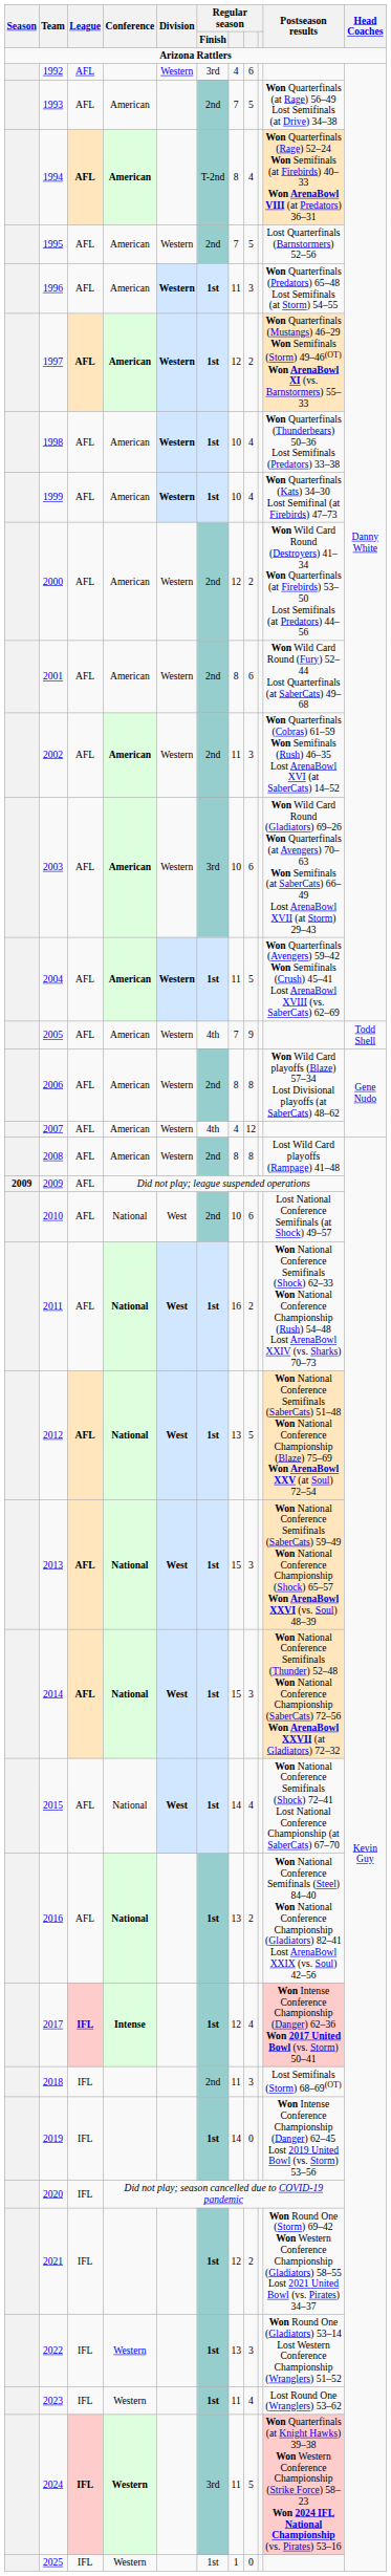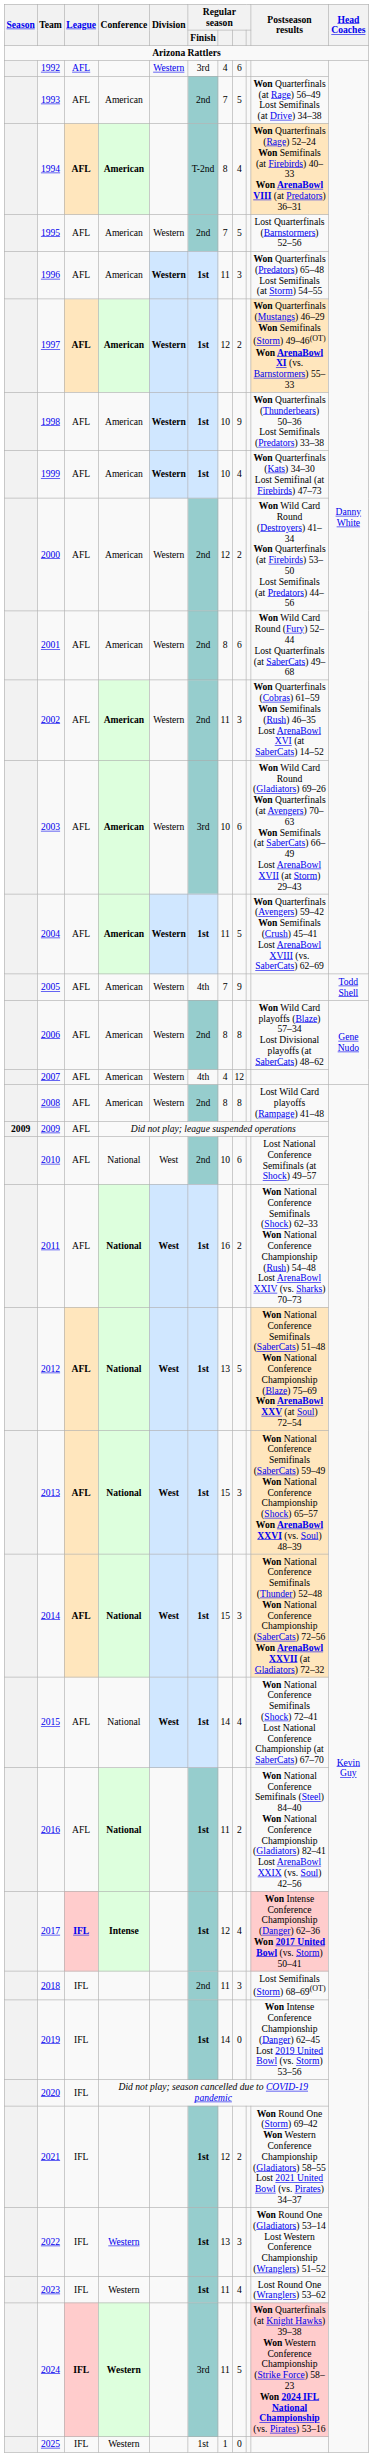 <table class="wikitable sortable" style="text-align: center">
 <tr>
 <th rowspan="2"><a href='#'>Season</a></th>
 <th rowspan="2">Team</th>
 <th rowspan="2"><a href='#'>League</a></th>
 <th rowspan="2">Conference</th>
 <th rowspan="2">Division</th>
 <th colspan="4">Regular season</th>
 <th rowspan="2">Postseason results</th>
 <th rowspan="2"><a href='#'>Head Coaches</a></th>
 </tr>
 <tr>
 <th>Finish</th>
 <th></th>
 <th></th>
 <th></th>
 </tr>
 <tr>
 <td colspan="16"><strong>Arizona Rattlers</strong></td>
 </tr>
 <tr>
 <th></th>
 <td><a href='#'>1992</a></td>
 <td><a href='#'>AFL</a></td>
 <td></td>
 <td><a href='#'>Western</a></td>
 <td>3rd</td>
 <td>4</td>
 <td>6</td>
 <td></td>
 <td></td>
 <td rowspan="13"><a href='#'>Danny White</a></td>
 </tr>
 <tr>
 <th></th>
 <td><a href='#'>1993</a></td>
 <td>AFL</td>
 <td>American</td>
 <td></td>
 <td bgcolor="#96CDCD">2nd</td>
 <td>7</td>
 <td>5</td>
 <td></td>
 <td><strong>Won</strong> Quarterfinals (at <a href='#'>Rage</a>) 56–49<br>Lost Semifinals (at <a href='#'>Drive</a>) 34–38</td>
 </tr>
 <tr>
 <th></th>
 <td><a href='#'>1994</a></td>
 <td bgcolor="#FFE6BD"><strong>AFL</strong></td>
 <td bgcolor="#DDFFDD"><strong>American</strong></td>
 <td></td>
 <td bgcolor="#96CDCD">T-2nd</td>
 <td>8</td>
 <td>4</td>
 <td></td>
 <td bgcolor="#FFE6BD"><strong>Won</strong> Quarterfinals (<a href='#'>Rage</a>) 52–24<br><strong>Won</strong> Semifinals (at <a href='#'>Firebirds</a>) 40–33<br><strong>Won <a href='#'>ArenaBowl VIII</a> </strong> (at <a href='#'>Predators</a>) 36–31</td>
 </tr>
 <tr>
 <th></th>
 <td><a href='#'>1995</a></td>
 <td>AFL</td>
 <td>American</td>
 <td>Western</td>
 <td bgcolor="#96CDCD">2nd</td>
 <td>7</td>
 <td>5</td>
 <td></td>
 <td>Lost Quarterfinals (<a href='#'>Barnstormers</a>) 52–56</td>
 </tr>
 <tr>
 <th></th>
 <td><a href='#'>1996</a></td>
 <td>AFL</td>
 <td>American</td>
 <td bgcolor="#D0E7FF"><strong>Western</strong></td>
 <td bgcolor="#D0E7FF"><strong>1st</strong></td>
 <td>11</td>
 <td>3</td>
 <td></td>
 <td><strong>Won</strong> Quarterfinals (<a href='#'>Predators</a>) 65–48 <br> Lost Semifinals (at <a href='#'>Storm</a>) 54–55</td>
 </tr>
 <tr>
 <th></th>
 <td><a href='#'>1997</a></td>
 <td bgcolor="#FFE6BD"><strong>AFL</strong></td>
 <td bgcolor="#DDFFDD"><strong>American</strong></td>
 <td bgcolor="#D0E7FF"><strong>Western</strong></td>
 <td bgcolor="#D0E7FF"><strong>1st</strong></td>
 <td>12</td>
 <td>2</td>
 <td></td>
 <td bgcolor="#FFE6BD"><strong>Won</strong> Quarterfinals (<a href='#'>Mustangs</a>) 46–29 <br> <strong>Won</strong> Semifinals (<a href='#'>Storm</a>) 49–46<sup>(OT)</sup> <br> <strong>Won <a href='#'>ArenaBowl XI</a> </strong> (vs. <a href='#'>Barnstormers</a>) 55–33</td>
 </tr>
 <tr>
 <th></th>
 <td><a href='#'>1998</a></td>
 <td>AFL</td>
 <td>American</td>
 <td bgcolor="#D0E7FF"><strong>Western</strong></td>
 <td bgcolor="#D0E7FF"><strong>1st</strong></td>
 <td>10</td>
-<td>4</td>
+<td>9</td>
 <td></td>
 <td><strong>Won</strong> Quarterfinals (<a href='#'>Thunderbears</a>) 50–36 <br> Lost Semifinals (<a href='#'>Predators</a>) 33–38</td>
 </tr>
 <tr>
 <th></th>
 <td><a href='#'>1999</a></td>
 <td>AFL</td>
 <td>American</td>
 <td bgcolor="#D0E7FF"><strong>Western</strong></td>
 <td bgcolor="#D0E7FF"><strong>1st</strong></td>
 <td>10</td>
 <td>4</td>
 <td></td>
 <td><strong>Won</strong> Quarterfinals (<a href='#'>Kats</a>) 34–30 <br> Lost Semifinal (at <a href='#'>Firebirds</a>) 47–73</td>
 </tr>
 <tr>
 <th></th>
 <td><a href='#'>2000</a></td>
 <td>AFL</td>
 <td>American</td>
 <td>Western</td>
 <td bgcolor="#96CDCD">2nd</td>
 <td>12</td>
 <td>2</td>
 <td></td>
 <td><strong>Won</strong> Wild Card Round (<a href='#'>Destroyers</a>) 41–34 <br> <strong>Won</strong> Quarterfinals (at <a href='#'>Firebirds</a>) 53–50 <br> Lost Semifinals (at <a href='#'>Predators</a>) 44–56</td>
 </tr>
 <tr>
 <th></th>
 <td><a href='#'>2001</a></td>
 <td>AFL</td>
 <td>American</td>
 <td>Western</td>
 <td bgcolor="#96CDCD">2nd</td>
 <td>8</td>
 <td>6</td>
 <td></td>
 <td><strong>Won</strong> Wild Card Round (<a href='#'>Fury</a>) 52–44 <br> Lost Quarterfinals (at <a href='#'>SaberCats</a>) 49–68</td>
 </tr>
 <tr>
 <th></th>
 <td><a href='#'>2002</a></td>
 <td>AFL</td>
 <td bgcolor="#DDFFDD"><strong>American</strong></td>
 <td>Western</td>
 <td bgcolor="#96CDCD">2nd</td>
 <td>11</td>
 <td>3</td>
 <td></td>
 <td><strong>Won</strong> Quarterfinals (<a href='#'>Cobras</a>) 61–59 <br> <strong>Won</strong> Semifinals (<a href='#'>Rush</a>) 46–35 <br> Lost <a href='#'>ArenaBowl XVI</a> (at <a href='#'>SaberCats</a>) 14–52</td>
 </tr>
 <tr>
 <th></th>
 <td><a href='#'>2003</a></td>
 <td>AFL</td>
 <td bgcolor="#DDFFDD"><strong>American</strong></td>
 <td>Western</td>
 <td bgcolor="#96CDCD">3rd</td>
 <td>10</td>
 <td>6</td>
 <td></td>
 <td><strong>Won</strong> Wild Card Round (<a href='#'>Gladiators</a>) 69–26 <br> <strong>Won</strong> Quarterfinals (at <a href='#'>Avengers</a>) 70–63 <br> <strong>Won</strong> Semifinals (at <a href='#'>SaberCats</a>) 66–49 <br> Lost <a href='#'>ArenaBowl XVII</a> (at <a href='#'>Storm</a>) 29–43</td>
 </tr>
 <tr>
 <th></th>
 <td><a href='#'>2004</a></td>
 <td>AFL</td>
 <td bgcolor="#DDFFDD"><strong>American</strong></td>
 <td bgcolor="#D0E7FF"><strong>Western</strong></td>
 <td bgcolor="#D0E7FF"><strong>1st</strong></td>
 <td>11</td>
 <td>5</td>
 <td></td>
 <td><strong>Won</strong> Quarterfinals (<a href='#'>Avengers</a>) 59–42 <br> <strong>Won</strong> Semifinals (<a href='#'>Crush</a>) 45–41 <br> Lost <a href='#'>ArenaBowl XVIII</a> (vs. <a href='#'>SaberCats</a>) 62–69</td>
 </tr>
 <tr>
 <th></th>
 <td><a href='#'>2005</a></td>
 <td>AFL</td>
 <td>American</td>
 <td>Western</td>
 <td>4th</td>
 <td>7</td>
 <td>9</td>
 <td></td>
 <td></td>
 <td><a href='#'>Todd Shell</a></td>
 </tr>
 <tr>
 <th></th>
 <td><a href='#'>2006</a></td>
 <td>AFL</td>
 <td>American</td>
 <td>Western</td>
 <td bgcolor="#96CDCD">2nd</td>
 <td>8</td>
 <td>8</td>
 <td></td>
 <td><strong>Won</strong> Wild Card playoffs (<a href='#'>Blaze</a>) 57–34 <br> Lost Divisional playoffs (at <a href='#'>SaberCats</a>) 48–62</td>
 <td rowspan="2"><a href='#'>Gene Nudo</a></td>
 </tr>
 <tr>
 <th></th>
 <td><a href='#'>2007</a></td>
 <td>AFL</td>
 <td>American</td>
 <td>Western</td>
 <td>4th</td>
 <td>4</td>
 <td>12</td>
 <td></td>
 <td></td>
 </tr>
 <tr>
 <th></th>
 <td><a href='#'>2008</a></td>
 <td>AFL</td>
 <td>American</td>
 <td>Western</td>
 <td bgcolor="#96CDCD">2nd</td>
 <td>8</td>
 <td>8</td>
 <td></td>
 <td>Lost Wild Card playoffs (<a href='#'>Rampage</a>) 41–48</td>
 <td rowspan="18"><a href='#'>Kevin Guy</a></td>
 </tr>
 <tr>
 <th>2009</th>
 <td><a href='#'>2009</a></td>
 <td>AFL</td>
 <td colspan="7"><em>Did not play; league suspended operations</em></td>
 </tr>
 <tr>
 <th></th>
 <td><a href='#'>2010</a></td>
 <td>AFL</td>
 <td>National</td>
 <td>West</td>
 <td bgcolor="#96CDCD">2nd</td>
 <td>10</td>
 <td>6</td>
 <td></td>
 <td>Lost National Conference Semifinals (at <a href='#'>Shock</a>) 49–57</td>
 </tr>
 <tr>
 <th></th>
 <td><a href='#'>2011</a></td>
 <td>AFL</td>
 <td bgcolor="#DDFFDD"><strong>National</strong></td>
 <td bgcolor="#D0E7FF"><strong>West</strong></td>
 <td bgcolor="#D0E7FF"><strong>1st</strong></td>
 <td>16</td>
 <td>2</td>
 <td></td>
 <td><strong>Won</strong> National Conference Semifinals (<a href='#'>Shock</a>) 62–33 <br> <strong>Won</strong> National Conference Championship (<a href='#'>Rush</a>) 54–48 <br> Lost <a href='#'>ArenaBowl XXIV</a> (vs. <a href='#'>Sharks</a>) 70–73</td>
 </tr>
 <tr>
 <th></th>
 <td><a href='#'>2012</a></td>
 <td bgcolor="#FFE6BD"><strong>AFL</strong></td>
 <td bgcolor="#DDFFDD"><strong>National</strong></td>
 <td bgcolor="#D0E7FF"><strong>West</strong></td>
 <td bgcolor="#D0E7FF"><strong>1st</strong></td>
 <td>13</td>
 <td>5</td>
 <td></td>
 <td bgcolor="#FFE6BD"><strong>Won</strong> National Conference Semifinals (<a href='#'>SaberCats</a>) 51–48 <br> <strong>Won</strong> National Conference Championship (<a href='#'>Blaze</a>) 75–69 <br> <strong>Won <a href='#'>ArenaBowl XXV</a> </strong> (at <a href='#'>Soul</a>) 72–54</td>
 </tr>
 <tr>
 <th></th>
 <td><a href='#'>2013</a></td>
 <td bgcolor="#FFE6BD"><strong>AFL</strong></td>
 <td bgcolor="#DDFFDD"><strong>National</strong></td>
 <td bgcolor="#D0E7FF"><strong>West</strong></td>
 <td bgcolor="#D0E7FF"><strong>1st</strong></td>
 <td>15</td>
 <td>3</td>
 <td></td>
 <td bgcolor="#FFE6BD"><strong>Won</strong> National Conference Semifinals (<a href='#'>SaberCats</a>) 59–49 <br> <strong>Won</strong> National Conference Championship (<a href='#'>Shock</a>) 65–57 <br> <strong>Won <a href='#'>ArenaBowl XXVI</a> </strong> (vs. <a href='#'>Soul</a>) 48–39</td>
 </tr>
 <tr>
 <th></th>
 <td><a href='#'>2014</a></td>
 <td bgcolor="#FFE6BD"><strong>AFL</strong></td>
 <td bgcolor="#DDFFDD"><strong>National</strong></td>
 <td bgcolor="#D0E7FF"><strong>West</strong></td>
 <td bgcolor="#D0E7FF"><strong>1st</strong></td>
 <td>15</td>
 <td>3</td>
 <td></td>
 <td bgcolor="#FFE6BD"><strong>Won</strong> National Conference Semifinals (<a href='#'>Thunder</a>) 52–48 <br> <strong>Won</strong> National Conference Championship (<a href='#'>SaberCats</a>) 72–56 <br> <strong>Won <a href='#'>ArenaBowl XXVII</a> </strong> (at <a href='#'>Gladiators</a>) 72–32</td>
 </tr>
 <tr>
 <th></th>
 <td><a href='#'>2015</a></td>
 <td>AFL</td>
 <td>National</td>
 <td bgcolor="#D0E7FF"><strong>West</strong></td>
 <td bgcolor="#D0E7FF"><strong>1st</strong></td>
 <td>14</td>
 <td>4</td>
 <td></td>
 <td><strong>Won</strong> National Conference Semifinals (<a href='#'>Shock</a>) 72–41<br>Lost National Conference Championship (at <a href='#'>SaberCats</a>) 67–70</td>
 </tr>
 <tr>
 <th></th>
 <td><a href='#'>2016</a></td>
 <td>AFL</td>
 <td bgcolor="#DDFFDD"><strong>National</strong></td>
 <td></td>
 <td bgcolor="#96CDCD"><strong>1st</strong></td>
-<td>13</td>
+<td>11</td>
 <td>2</td>
 <td></td>
 <td><strong>Won</strong> National Conference Semifinals (<a href='#'>Steel</a>) 84–40<br><strong>Won</strong> National Conference Championship (<a href='#'>Gladiators</a>) 82–41<br>Lost <a href='#'>ArenaBowl XXIX</a> (vs. <a href='#'>Soul</a>) 42–56</td>
 </tr>
 <tr>
 <th></th>
 <td><a href='#'>2017</a></td>
 <td bgcolor="#FFCCCC"><strong><a href='#'>IFL</a></strong></td>
 <td bgcolor="#DDFFDD"><strong>Intense</strong></td>
 <td></td>
 <td bgcolor="#96CDCD"><strong>1st</strong></td>
 <td>12</td>
 <td>4</td>
 <td></td>
 <td bgcolor="#FFCCCC"><strong>Won</strong> Intense Conference Championship (<a href='#'>Danger</a>) 62–36<br><strong>Won <a href='#'>2017 United Bowl</a> </strong> (vs. <a href='#'>Storm</a>) 50–41</td>
 </tr>
 <tr>
 <th></th>
 <td><a href='#'>2018</a></td>
 <td>IFL</td>
 <td></td>
 <td></td>
 <td bgcolor="#96CDCD">2nd</td>
 <td>11</td>
 <td>3</td>
 <td></td>
 <td>Lost Semifinals (<a href='#'>Storm</a>) 68–69<sup>(OT)</sup></td>
 </tr>
 <tr>
 <th></th>
 <td><a href='#'>2019</a></td>
 <td>IFL</td>
 <td></td>
 <td></td>
 <td bgcolor="#96CDCD"><strong>1st</strong></td>
 <td>14</td>
 <td>0</td>
 <td></td>
 <td><strong>Won</strong> Intense Conference Championship (<a href='#'>Danger</a>) 62–45<br>Lost <a href='#'>2019 United Bowl</a> (vs. <a href='#'>Storm</a>) 53–56</td>
 </tr>
 <tr>
 <th></th>
 <td><a href='#'>2020</a></td>
 <td>IFL</td>
 <td colspan="7"><em>Did not play; season cancelled due to <a href='#'>COVID-19 pandemic</a></em></td>
 </tr>
 <tr>
 <th></th>
 <td><a href='#'>2021</a></td>
 <td>IFL</td>
 <td></td>
 <td></td>
 <td bgcolor="#96CDCD"><strong>1st</strong></td>
 <td>12</td>
 <td>2</td>
 <td></td>
 <td><strong>Won</strong> Round One (<a href='#'>Storm</a>) 69–42<br><strong>Won</strong> Western Conference Championship (<a href='#'>Gladiators</a>) 58–55<br>Lost <a href='#'>2021 United Bowl</a> (vs. <a href='#'>Pirates</a>) 34–37</td>
 </tr>
 <tr>
 <th></th>
 <td><a href='#'>2022</a></td>
 <td>IFL</td>
 <td><a href='#'>Western</a></td>
 <td></td>
 <td bgcolor="#96CDCD"><strong>1st</strong></td>
 <td>13</td>
 <td>3</td>
 <td></td>
 <td><strong>Won</strong> Round One (<a href='#'>Gladiators</a>) 53–14<br>Lost Western Conference Championship (<a href='#'>Wranglers</a>) 51–52</td>
 </tr>
 <tr>
 <th></th>
 <td><a href='#'>2023</a></td>
 <td>IFL</td>
 <td>Western</td>
 <td></td>
 <td bgcolor="#96CDCD"><strong>1st</strong></td>
 <td>11</td>
 <td>4</td>
 <td></td>
 <td>Lost Round One (<a href='#'>Wranglers</a>) 53–62</td>
 </tr>
 <tr>
 <th></th>
 <td><a href='#'>2024</a></td>
 <td bgcolor="#FFCCCC"><strong>IFL</strong></td>
 <td bgcolor="#DDFFDD"><strong>Western</strong></td>
 <td></td>
 <td bgcolor="#96CDCD">3rd</td>
 <td>11</td>
 <td>5</td>
 <td></td>
 <td bgcolor="#FFCCCC"><strong>Won</strong> Quarterfinals (at <a href='#'>Knight Hawks</a>) 39–38<br><strong>Won</strong> Western Conference Championship (<a href='#'>Strike Force</a>) 58–23<br><strong>Won <a href='#'>2024 IFL National Championship</a> </strong> (vs. <a href='#'>Pirates</a>) 53–16</td>
 </tr>
 <tr>
 <th></th>
 <td><a href='#'>2025</a></td>
 <td>IFL</td>
 <td>Western</td>
 <td></td>
 <td>1st</td>
 <td>1</td>
 <td>0</td>
 <td></td>
 <td></td>
 </tr>
 </table>
